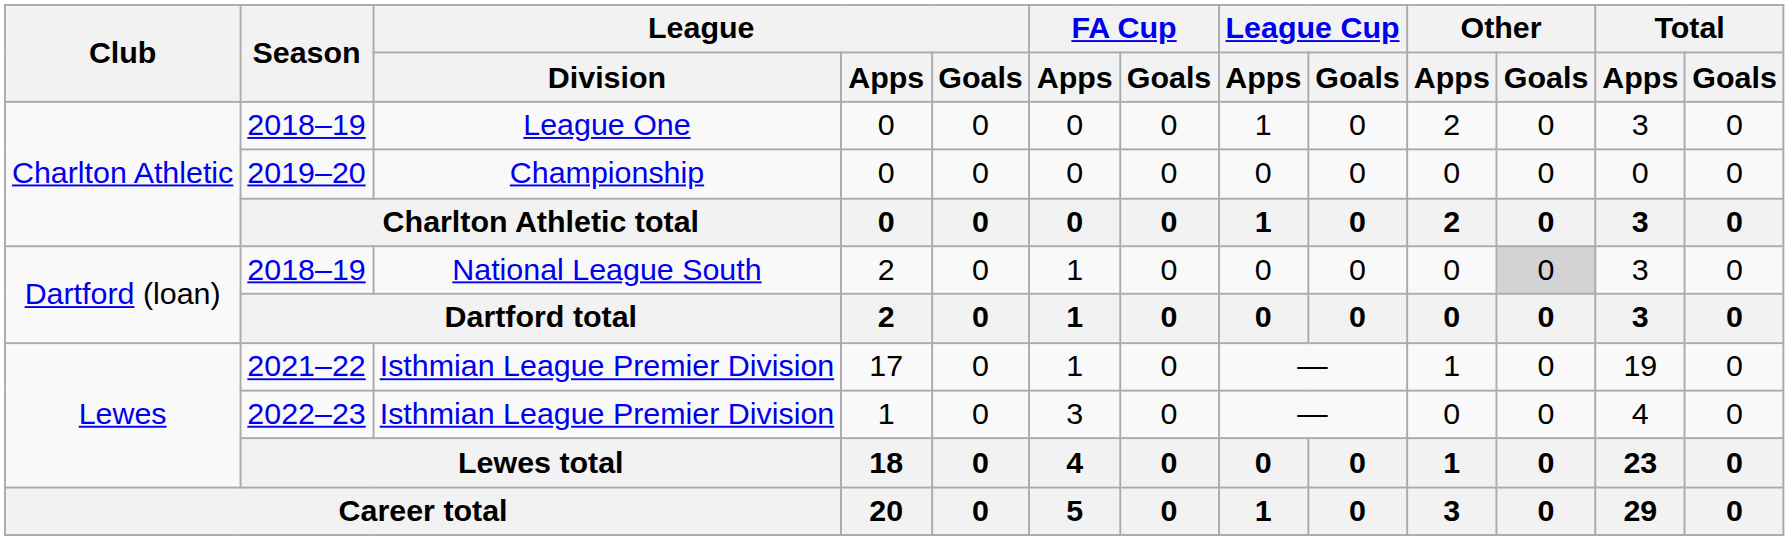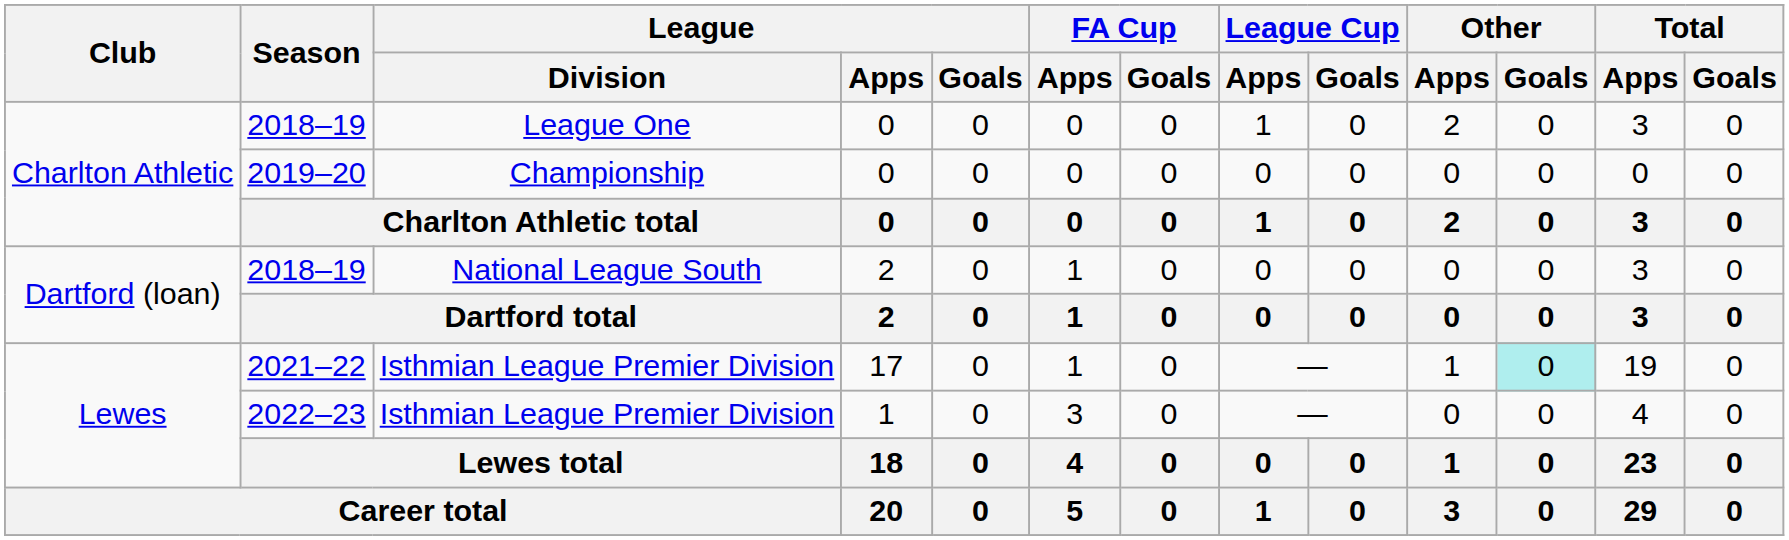 <table class="wikitable" style="text-align: center">
 <tr>
 <th rowspan="2">Club</th>
 <th rowspan="2">Season</th>
 <th colspan="3">League</th>
 <th colspan="2"><a href='#'>FA Cup</a></th>
 <th colspan="2"><a href='#'>League Cup</a></th>
 <th colspan="2">Other</th>
 <th colspan="2">Total</th>
 </tr>
 <tr>
 <th>Division</th>
 <th>Apps</th>
 <th>Goals</th>
 <th>Apps</th>
 <th>Goals</th>
 <th>Apps</th>
 <th>Goals</th>
 <th>Apps</th>
 <th>Goals</th>
 <th>Apps</th>
 <th>Goals</th>
 </tr>
 <tr>
 <td rowspan="3"><a href='#'>Charlton Athletic</a></td>
 <td><a href='#'>2018–19</a></td>
 <td><a href='#'>League One</a></td>
 <td>0</td>
 <td>0</td>
 <td>0</td>
 <td>0</td>
 <td>1</td>
 <td>0</td>
 <td>2</td>
 <td>0</td>
 <td>3</td>
 <td>0</td>
 </tr>
 <tr>
 <td><a href='#'>2019–20</a></td>
 <td><a href='#'>Championship</a></td>
 <td>0</td>
 <td>0</td>
 <td>0</td>
 <td>0</td>
 <td>0</td>
 <td>0</td>
 <td>0</td>
 <td>0</td>
 <td>0</td>
 <td>0</td>
 </tr>
 <tr>
 <th colspan="2">Charlton Athletic total</th>
 <th>0</th>
 <th>0</th>
 <th>0</th>
 <th>0</th>
 <th>1</th>
 <th>0</th>
 <th>2</th>
 <th>0</th>
 <th>3</th>
 <th>0</th>
 </tr>
 <tr>
 <td rowspan="2"><a href='#'>Dartford</a> (loan)</td>
 <td><a href='#'>2018–19</a></td>
 <td><a href='#'>National League South</a></td>
 <td>2</td>
 <td>0</td>
 <td>1</td>
 <td>0</td>
 <td>0</td>
 <td>0</td>
 <td>0</td>
-<td style="background: lightgrey;">0</td>
+<td>0</td>
 <td>3</td>
 <td>0</td>
 </tr>
 <tr>
 <th colspan="2">Dartford total</th>
 <th>2</th>
 <th>0</th>
 <th>1</th>
 <th>0</th>
 <th>0</th>
 <th>0</th>
 <th>0</th>
 <th>0</th>
 <th>3</th>
 <th>0</th>
 </tr>
 <tr>
 <td rowspan="3"><a href='#'>Lewes</a></td>
 <td><a href='#'>2021–22</a></td>
 <td><a href='#'>Isthmian League Premier Division</a></td>
 <td>17</td>
 <td>0</td>
 <td>1</td>
 <td>0</td>
 <td colspan=2>—</td>
 <td>1</td>
-<td>0</td>
+<td style="background: paleturquoise;">0</td>
 <td>19</td>
 <td>0</td>
 </tr>
 <tr>
 <td><a href='#'>2022–23</a></td>
 <td><a href='#'>Isthmian League Premier Division</a></td>
 <td>1</td>
 <td>0</td>
 <td>3</td>
 <td>0</td>
 <td colspan=2>—</td>
 <td>0</td>
 <td>0</td>
 <td>4</td>
 <td>0</td>
 </tr>
 <tr>
 <th colspan="2">Lewes total</th>
 <th>18</th>
 <th>0</th>
 <th>4</th>
 <th>0</th>
 <th>0</th>
 <th>0</th>
 <th>1</th>
 <th>0</th>
 <th>23</th>
 <th>0</th>
 </tr>
 <tr>
 <th colspan="3">Career total</th>
 <th>20</th>
 <th>0</th>
 <th>5</th>
 <th>0</th>
 <th>1</th>
 <th>0</th>
 <th>3</th>
 <th>0</th>
 <th>29</th>
 <th>0</th>
 </tr>
 </table>
